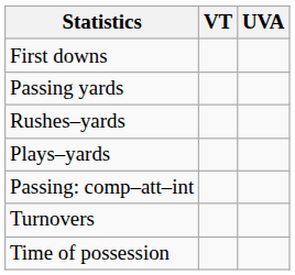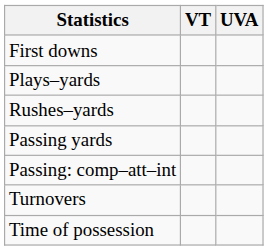 <table class="wikitable" style="float:left">
 <tr>
 <th>Statistics</th>
 <th>VT</th>
 <th>UVA</th>
 </tr>
 <tr>
 <td>First downs</td>
 <td></td>
 <td></td>
 </tr>
 <tr>
-<td>Passing yards</td>
+<td>Plays–yards</td>
 <td></td>
 <td></td>
 </tr>
 <tr>
 <td>Rushes–yards</td>
 <td></td>
 <td></td>
 </tr>
 <tr>
-<td>Plays–yards</td>
+<td>Passing yards</td>
 <td></td>
 <td></td>
 </tr>
 <tr>
 <td>Passing: comp–att–int</td>
 <td></td>
 <td></td>
 </tr>
 <tr>
 <td>Turnovers</td>
 <td></td>
 <td></td>
 </tr>
 <tr>
 <td>Time of possession</td>
 <td></td>
 <td></td>
 </tr>
 </table>
